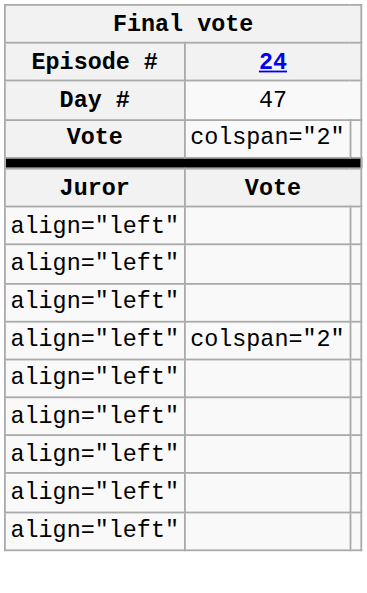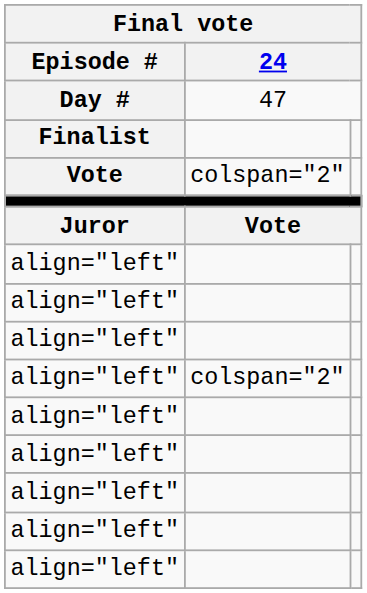 <table class="wikitable nowrap" style="text-align:center; font-size:100%">
 <tr>
 <th colspan="3">Final vote</th>
 </tr>
 <tr>
 <th>Episode #</th>
 <th colspan="2"><a href='#'>24</a></th>
 </tr>
 <tr>
 <th>Day #</th>
 <td colspan="2">47</td>
+</tr>
+<tr>
+<th>Finalist</th>
+<td></td>
+<td></td>
 </tr>
 <tr>
 <th>Vote</th>
 <td>colspan="2" </td>
 </tr>
 <tr>
 <td colspan="3" bgcolor="black"></td>
 </tr>
 <tr>
 <th>Juror</th>
 <th colspan="2">Vote</th>
 </tr>
 <tr>
 <td>align="left" </td>
 <td></td>
 <td></td>
 </tr>
 <tr>
 <td>align="left" </td>
 <td></td>
 <td></td>
 </tr>
 <tr>
 <td>align="left" </td>
 <td></td>
 <td></td>
 </tr>
 <tr>
 <td>align="left" </td>
 <td>colspan="2" </td>
 </tr>
 <tr>
 <td>align="left" </td>
 <td></td>
 <td></td>
 </tr>
 <tr>
 <td>align="left" </td>
 <td></td>
 <td></td>
 </tr>
 <tr>
 <td>align="left" </td>
 <td></td>
 <td></td>
 </tr>
 <tr>
 <td>align="left" </td>
 <td></td>
 <td></td>
 </tr>
 <tr>
 <td>align="left" </td>
 <td></td>
 <td></td>
 </tr>
 </table>
